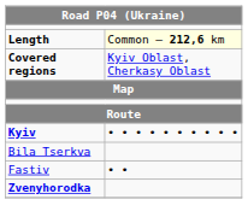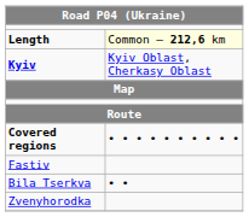 <table class="wikitable" align="right" width="270" style="margin-left:0.5em;">
 <tr>
 <td colspan="2" style="color:#fff;background-color:#828282; text-align: center;"><strong>Road P04 (Ukraine)</strong></td>
 </tr>
 <tr>
 <td colspan="2" style="text-align:center"></td>
 </tr>
 <tr>
 <td><strong>Length</strong></td>
 <td style="background: lightyellow;">Common — <strong>212,6</strong> km</td>
 </tr>
 <tr>
-<td><strong>Covered regions</strong></td>
+<td><strong><a href='#'>Kyiv</a></strong></td>
 <td><a href='#'>Kyiv Oblast</a>, <a href='#'>Cherkasy Oblast</a></td>
 </tr>
 <tr>
 <td colspan="2" style="color:#fff;background-color:#828282; text-align: center;"><strong>Map</strong></td>
 </tr>
 <tr>
 <td colspan="2" style="text-align:center"></td>
 </tr>
 <tr>
 <td colspan="2" style="color:#fff;background-color:#828282; text-align: center;"><strong>Route</strong></td>
 </tr>
 <tr>
-<td><strong><a href='#'>Kyiv</a></strong></td>
+<td><strong>Covered regions</strong></td>
 <td><small></small> • <small></small> • <small></small> • <small></small> • <small></small> • <small></small> • <small></small> • <small></small> • <small></small> • <small></small> • <small></small></td>
 </tr>
 <tr>
-<td><a href='#'>Bila Tserkva</a></td>
+<td><a href='#'>Fastiv</a></td>
 <td><small></small></td>
 </tr>
 <tr>
-<td><a href='#'>Fastiv</a></td>
+<td><a href='#'>Bila Tserkva</a></td>
 <td><small></small> • <small></small> • <small></small></td>
 </tr>
 <tr>
-<td><strong><a href='#'>Zvenyhorodka</a></strong></td>
+<td><a href='#'>Zvenyhorodka</a></td>
 <td><small></small></td>
 </tr>
 <tr>
 </tr>
 </table>
